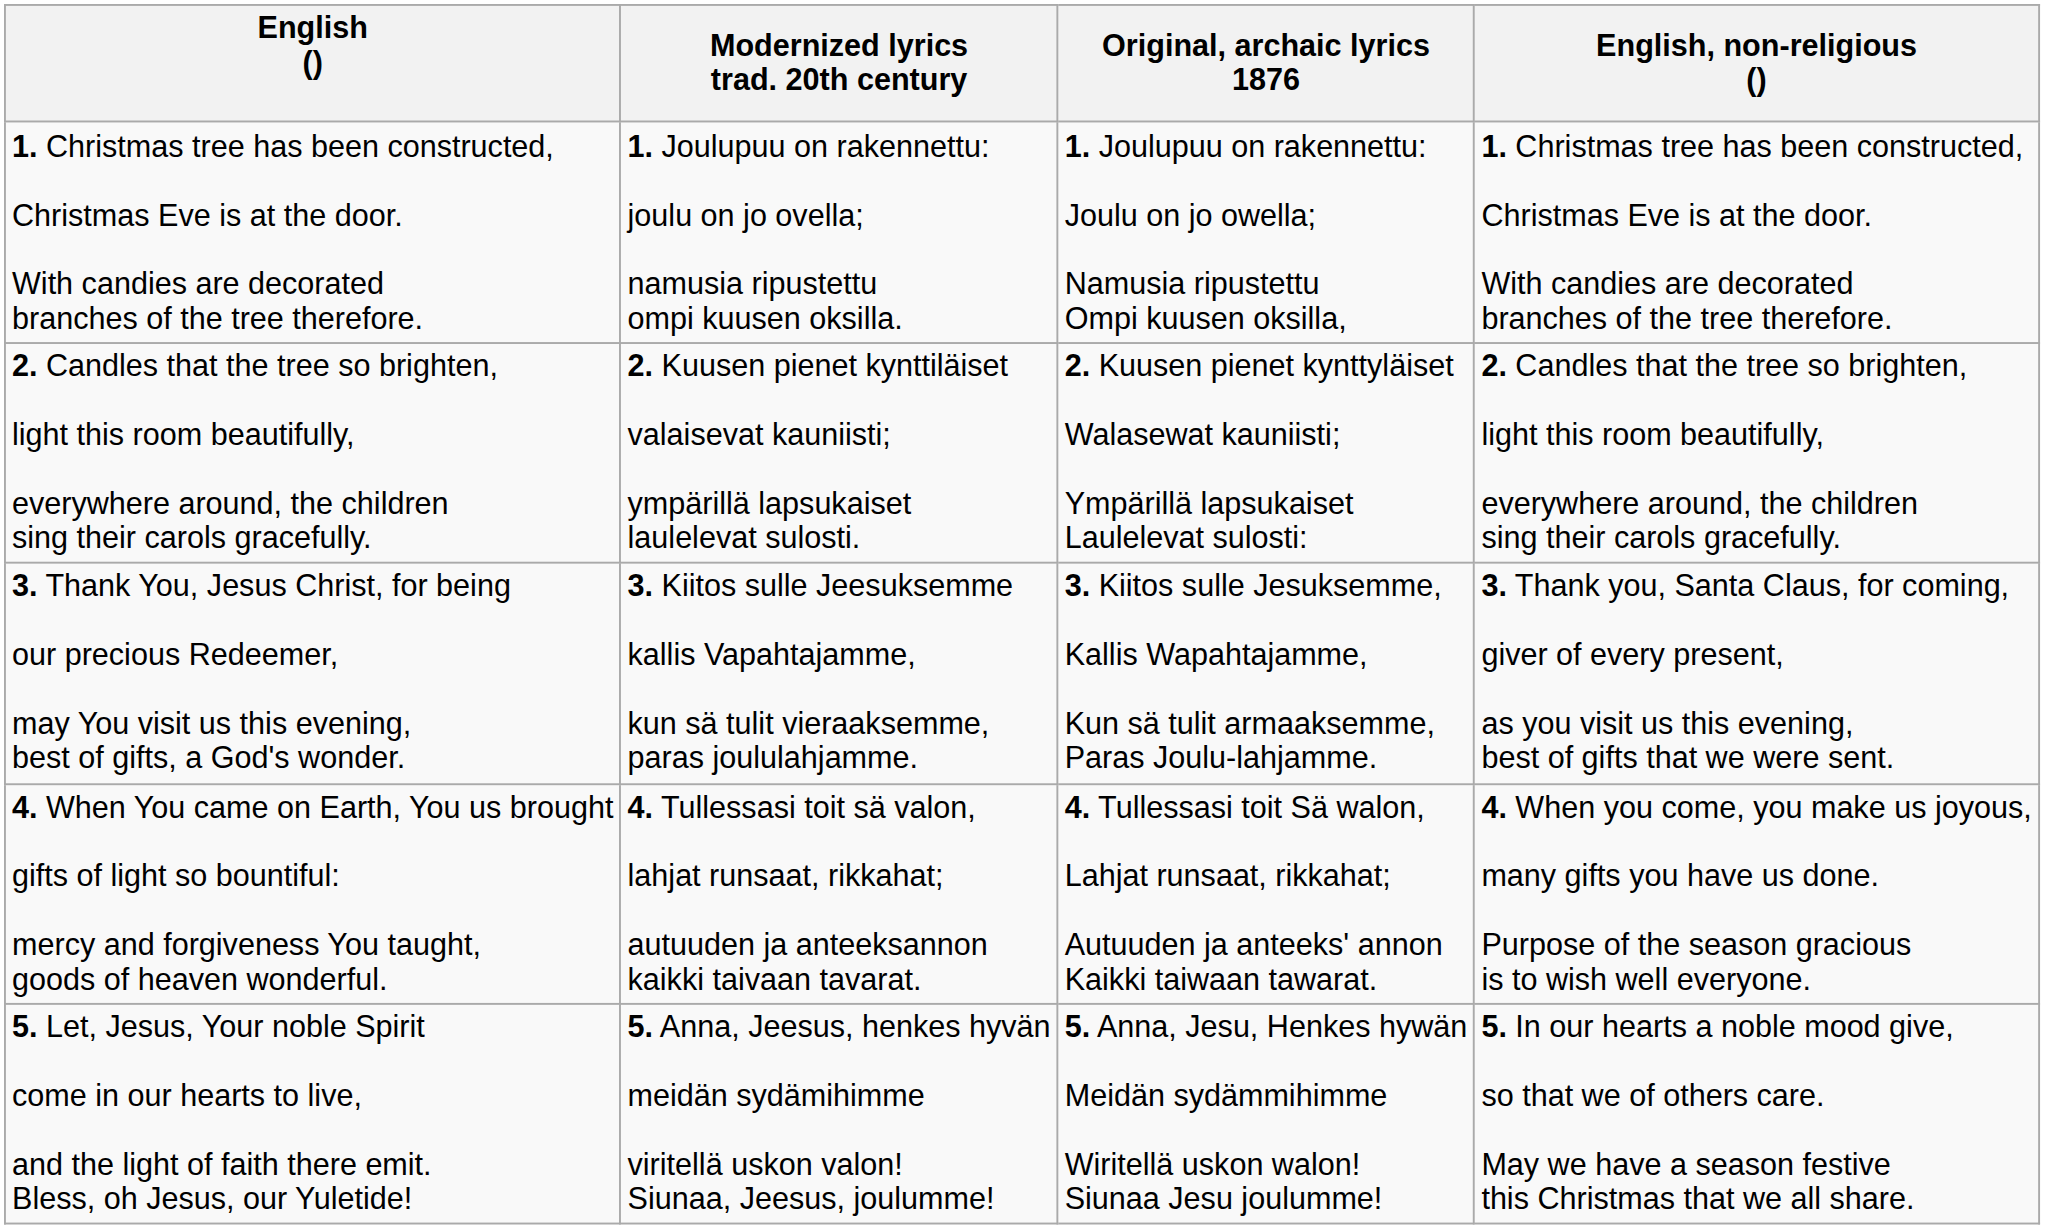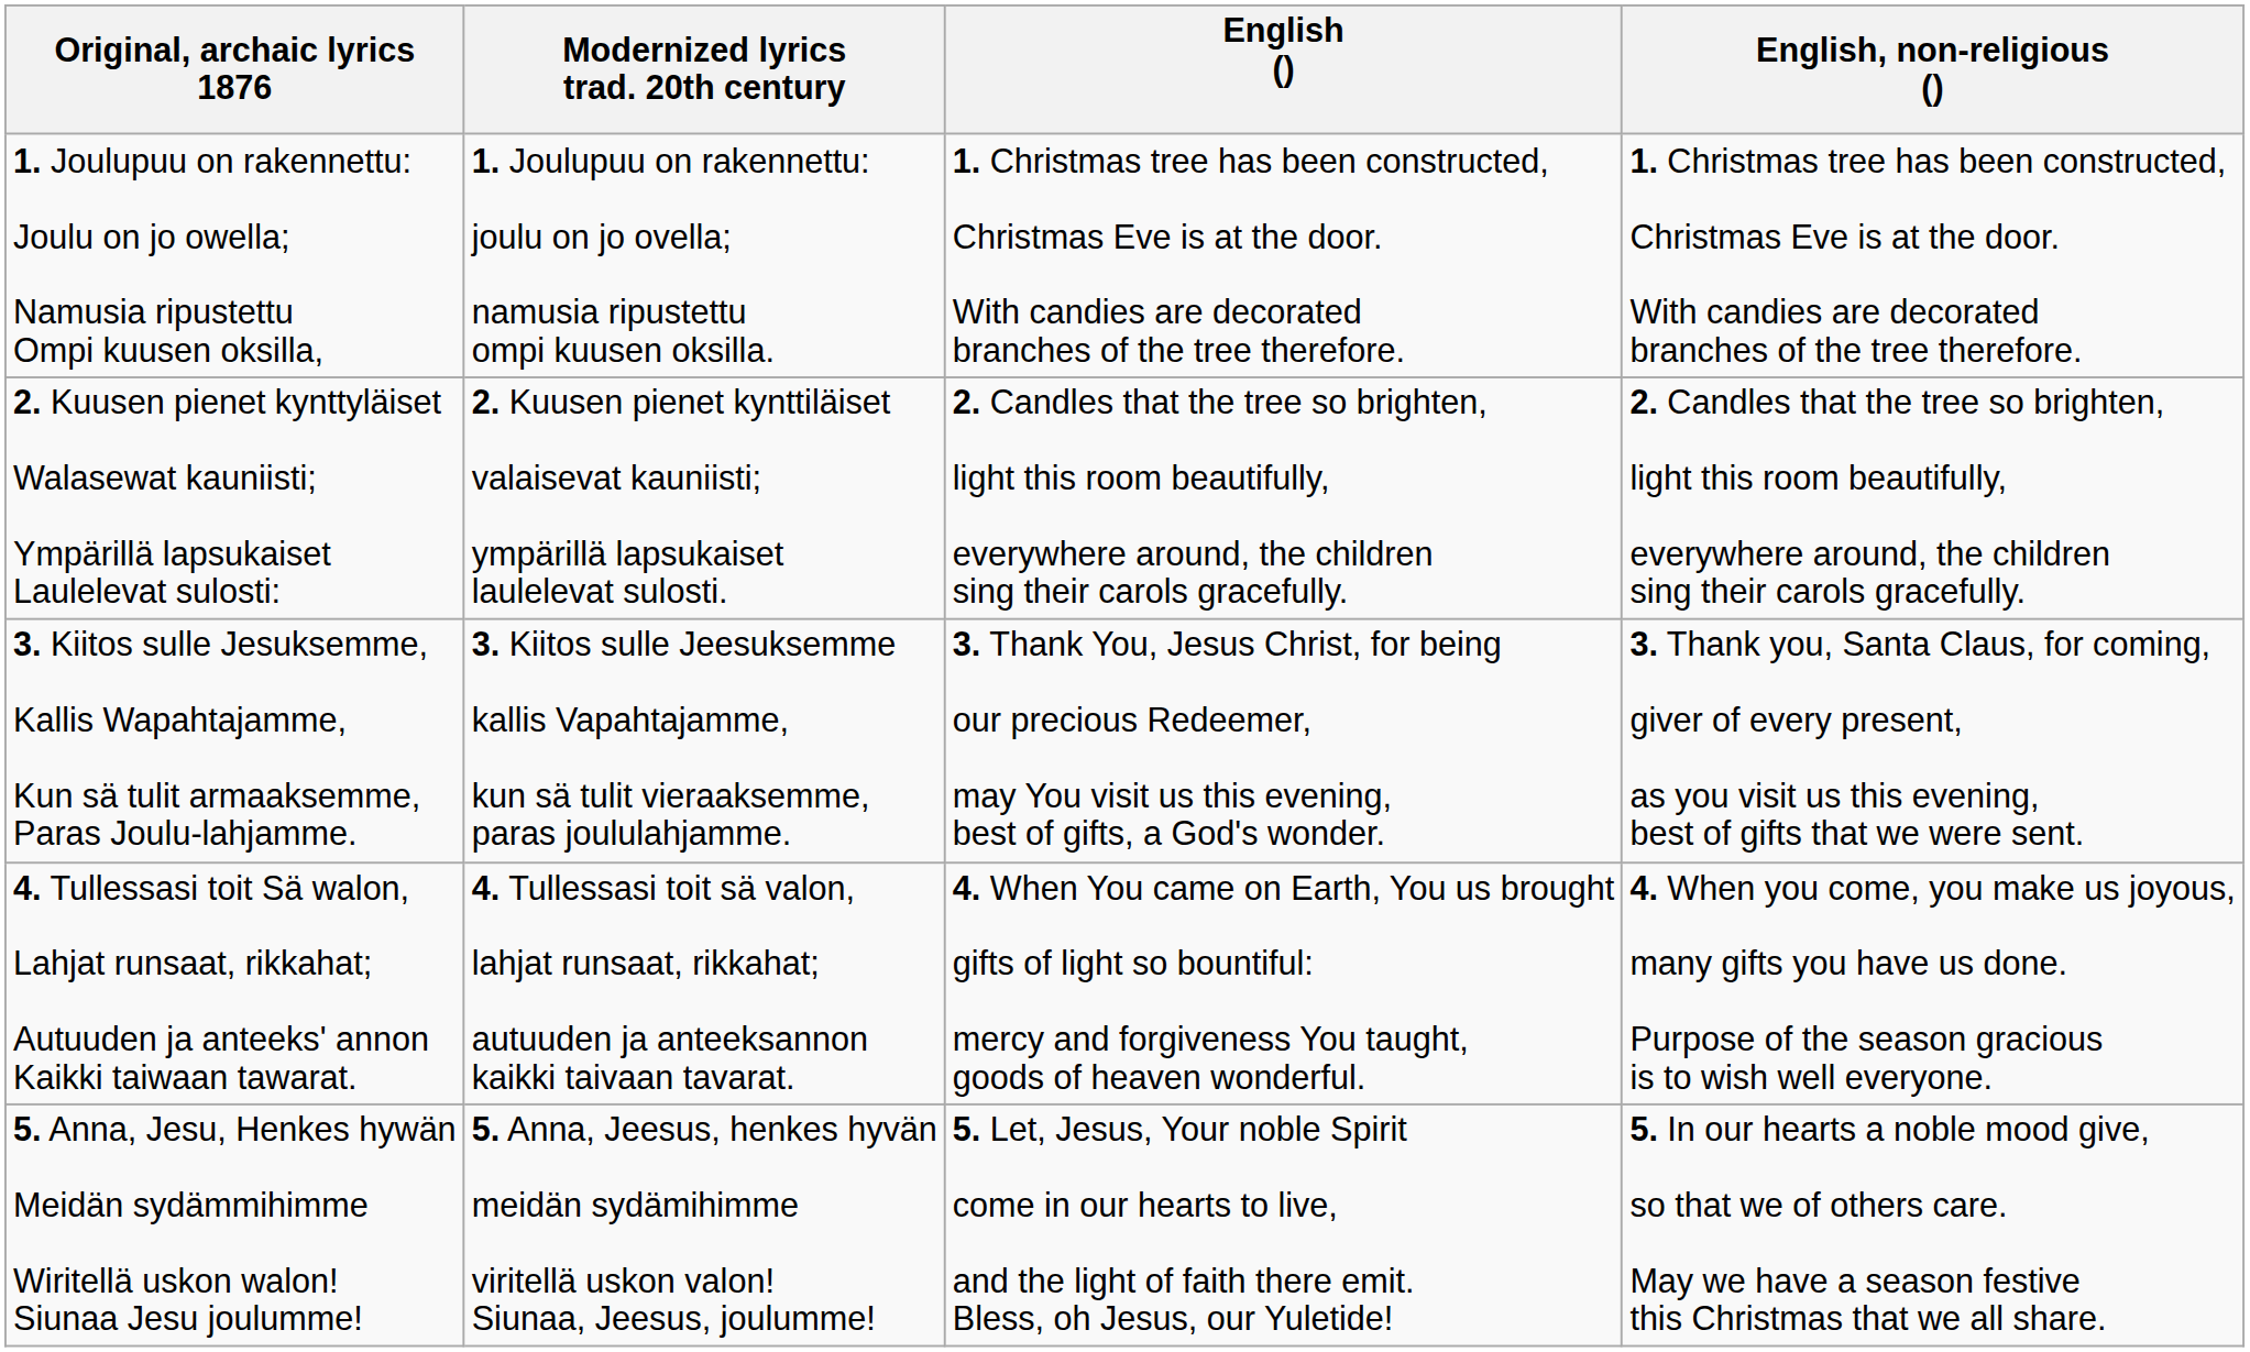 <table class="wikitable">
 <tr>
+<th>Original, archaic lyrics<br>1876 </th>
+<th>Modernized lyrics<br>trad. 20th century</th>
 <th>English<br>()<br><br></th>
-<th>Modernized lyrics<br>trad. 20th century</th>
-<th>Original, archaic lyrics<br>1876 </th>
 <th>English, non-religious<br>()<br></th>
 </tr>
 <tr>
+<td><strong>1.</strong> Joulupuu on rakennettu:<br><br>Joulu on jo owella;<br> <br> Namusia ripustettu<br> Ompi kuusen oksilla,</td>
+<td><strong>1.</strong> Joulupuu on rakennettu:<br><br>joulu on jo ovella;<br> <br> namusia ripustettu<br> ompi kuusen oksilla.</td>
 <td><strong>1.</strong> Christmas tree has been constructed,<br><br>Christmas Eve is at the door.<br> <br> With candies are decorated<br> branches of the tree therefore.</td>
-<td><strong>1.</strong> Joulupuu on rakennettu:<br><br>joulu on jo ovella;<br> <br> namusia ripustettu<br> ompi kuusen oksilla.</td>
-<td><strong>1.</strong> Joulupuu on rakennettu:<br><br>Joulu on jo owella;<br> <br> Namusia ripustettu<br> Ompi kuusen oksilla,</td>
 <td><strong>1.</strong> Christmas tree has been constructed,<br><br>Christmas Eve is at the door.<br> <br> With candies are decorated<br> branches of the tree therefore.</td>
 </tr>
 <tr>
+<td><strong>2.</strong> Kuusen pienet kynttyläiset<br><br>Walasewat kauniisti;<br> <br> Ympärillä lapsukaiset<br> Laulelevat sulosti:</td>
+<td><strong>2.</strong> Kuusen pienet kynttiläiset<br><br>valaisevat kauniisti;<br> <br> ympärillä lapsukaiset<br> laulelevat sulosti.</td>
 <td><strong>2.</strong> Candles that the tree so brighten,<br><br>light this room beautifully,<br> <br> everywhere around, the children<br> sing their carols gracefully.</td>
-<td><strong>2.</strong> Kuusen pienet kynttiläiset<br><br>valaisevat kauniisti;<br> <br> ympärillä lapsukaiset<br> laulelevat sulosti.</td>
-<td><strong>2.</strong> Kuusen pienet kynttyläiset<br><br>Walasewat kauniisti;<br> <br> Ympärillä lapsukaiset<br> Laulelevat sulosti:</td>
 <td><strong>2.</strong> Candles that the tree so brighten,<br><br>light this room beautifully,<br> <br> everywhere around, the children<br> sing their carols gracefully.</td>
 </tr>
 <tr>
+<td><strong>3.</strong>  Kiitos sulle Jesuksemme,<br><br>Kallis Wapahtajamme,<br> <br> Kun sä tulit armaaksemme,<br> Paras Joulu-lahjamme.</td>
+<td><strong>3.</strong> Kiitos sulle Jeesuksemme<br><br>kallis Vapahtajamme,<br> <br> kun sä tulit vieraaksemme,<br> paras joululahjamme.</td>
 <td><strong>3.</strong> Thank You, Jesus Christ, for being<br><br>our precious Redeemer,<br> <br> may You visit us this evening,<br> best of gifts, a God's wonder.</td>
-<td><strong>3.</strong> Kiitos sulle Jeesuksemme<br><br>kallis Vapahtajamme,<br> <br> kun sä tulit vieraaksemme,<br> paras joululahjamme.</td>
-<td><strong>3.</strong>  Kiitos sulle Jesuksemme,<br><br>Kallis Wapahtajamme,<br> <br> Kun sä tulit armaaksemme,<br> Paras Joulu-lahjamme.</td>
 <td><strong>3.</strong> Thank you, Santa Claus, for coming,<br><br>giver of every present,<br> <br> as you visit us this evening,<br> best of gifts that we were sent.</td>
 </tr>
 <tr>
+<td><strong>4.</strong> Tullessasi toit Sä walon,<br><br>Lahjat runsaat, rikkahat;<br> <br> Autuuden ja anteeks' annon<br> Kaikki taiwaan tawarat.</td>
+<td><strong>4.</strong> Tullessasi toit sä valon,<br><br>lahjat runsaat, rikkahat;<br> <br> autuuden ja anteeksannon<br> kaikki taivaan tavarat.</td>
 <td><strong>4.</strong> When You came on Earth, You us brought<br><br>gifts of light so bountiful:<br> <br> mercy and forgiveness You taught,<br> goods of heaven wonderful.</td>
-<td><strong>4.</strong> Tullessasi toit sä valon,<br><br>lahjat runsaat, rikkahat;<br> <br> autuuden ja anteeksannon<br> kaikki taivaan tavarat.</td>
-<td><strong>4.</strong> Tullessasi toit Sä walon,<br><br>Lahjat runsaat, rikkahat;<br> <br> Autuuden ja anteeks' annon<br> Kaikki taiwaan tawarat.</td>
 <td><strong>4.</strong> When you come, you make us joyous,<br><br>many gifts you have us done.<br> <br> Purpose of the season gracious<br> is to wish well everyone.</td>
 </tr>
 <tr>
+<td><strong>5.</strong> Anna, Jesu, Henkes hywän<br><br>Meidän sydämmihimme<br> <br> Wiritellä uskon walon!<br> Siunaa Jesu joulumme!</td>
+<td><strong>5.</strong> Anna, Jeesus, henkes hyvän<br><br>meidän sydämihimme<br> <br> viritellä uskon valon!<br> Siunaa, Jeesus, joulumme!</td>
 <td><strong>5.</strong> Let, Jesus, Your noble Spirit<br><br>come in our hearts to live,<br> <br> and the light of faith there emit.<br> Bless, oh Jesus, our Yuletide!</td>
-<td><strong>5.</strong> Anna, Jeesus, henkes hyvän<br><br>meidän sydämihimme<br> <br> viritellä uskon valon!<br> Siunaa, Jeesus, joulumme!</td>
-<td><strong>5.</strong> Anna, Jesu, Henkes hywän<br><br>Meidän sydämmihimme<br> <br> Wiritellä uskon walon!<br> Siunaa Jesu joulumme!</td>
 <td><strong>5.</strong> In our hearts a noble mood give,<br><br>so that we of others care.<br> <br> May we have a season festive<br> this Christmas that we all share.</td>
 </tr>
 </table>
